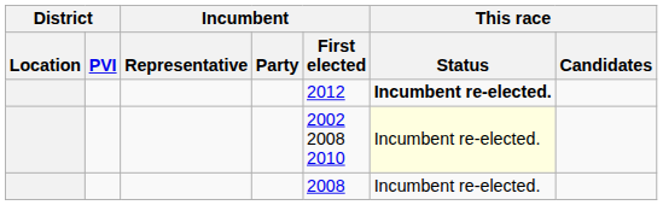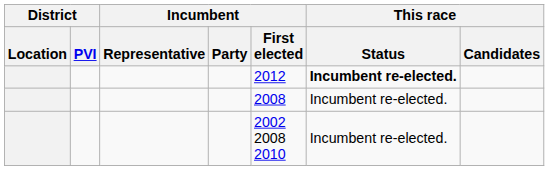 <table class="wikitable sortable">
 <tr valign=bottom>
 <th colspan=2>District</th>
 <th colspan=3>Incumbent</th>
 <th colspan=2>This race</th>
 </tr>
 <tr valign=bottom>
 <th>Location</th>
 <th><a href='#'>PVI</a></th>
 <th>Representative</th>
 <th>Party</th>
 <th>First<br>elected</th>
 <th>Status</th>
 <th>Candidates</th>
 </tr>
 <tr>
 <th></th>
 <td></td>
 <td></td>
 <td></td>
 <td><a href='#'>2012</a></td>
 <td><strong>Incumbent re-elected.</strong></td>
 <td nowrap></td>
 </tr>
 <tr>
 <th></th>
 <td></td>
 <td></td>
 <td></td>
-<td><a href='#'>2002</a><br>2008 <br><a href='#'>2010</a></td>
-<td style="background: lightyellow;">Incumbent re-elected.</td>
+<td><a href='#'>2008</a></td>
+<td>Incumbent re-elected.</td>
 <td nowrap></td>
 </tr>
 <tr>
 <th></th>
 <td></td>
 <td></td>
 <td></td>
-<td><a href='#'>2008</a></td>
+<td><a href='#'>2002</a><br>2008 <br><a href='#'>2010</a></td>
 <td>Incumbent re-elected.</td>
 <td nowrap></td>
 </tr>
 </table>
